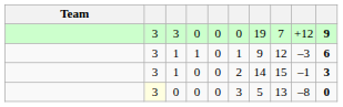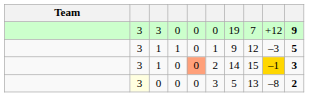 <table class="wikitable" style="text-align: center;">
 <tr>
 <th style="width:175px;">Team</th>
 <th width="20"></th>
 <th width="20"></th>
 <th width="20"></th>
 <th width="20"></th>
 <th width="20"></th>
 <th width="20"></th>
 <th width="20"></th>
 <th width="20"></th>
 <th width="20"></th>
 </tr>
 <tr bgcolor=#ccffcc>
 <td align=left></td>
 <td>3</td>
 <td>3</td>
 <td>0</td>
 <td>0</td>
 <td>0</td>
 <td>19</td>
 <td>7</td>
 <td>+12</td>
 <td><strong>9</strong></td>
 </tr>
 <tr>
 <td align=left></td>
 <td>3</td>
 <td>1</td>
 <td>1</td>
 <td>0</td>
 <td>1</td>
 <td>9</td>
 <td>12</td>
 <td>–3</td>
-<td><strong>6</strong></td>
+<td><strong>5</strong></td>
 </tr>
 <tr>
 <td align=left></td>
 <td>3</td>
 <td>1</td>
 <td>0</td>
-<td>0</td>
+<td style="background: lightsalmon;">0</td>
 <td>2</td>
 <td>14</td>
 <td>15</td>
-<td>–1</td>
+<td style="background: gold;">–1</td>
 <td><strong>3</strong></td>
 </tr>
 <tr>
 <td align=left></td>
 <td style="background: lightyellow;">3</td>
 <td>0</td>
 <td>0</td>
 <td>0</td>
 <td>3</td>
 <td>5</td>
 <td>13</td>
 <td>–8</td>
-<td><strong>0</strong></td>
+<td><strong>2</strong></td>
 </tr>
 </table>
